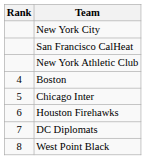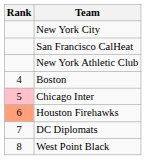 <table class="wikitable">
 <tr>
 <th>Rank</th>
 <th>Team</th>
 </tr>
 <tr>
 <td align=center></td>
 <td align="left">New York City</td>
 </tr>
 <tr>
 <td align=center></td>
 <td align="left">San Francisco CalHeat</td>
 </tr>
 <tr>
 <td align=center></td>
 <td align="left">New York Athletic Club</td>
 </tr>
 <tr>
 <td align=center>4</td>
 <td align="left">Boston</td>
 </tr>
 <tr>
-<td align=center>5</td>
+<td align=center style="background: pink;">5</td>
 <td align="left">Chicago Inter</td>
 </tr>
 <tr>
-<td align=center>6</td>
+<td align=center style="background: lightsalmon;">6</td>
 <td align="left">Houston Firehawks</td>
 </tr>
 <tr>
 <td align=center>7</td>
 <td align="left">DC Diplomats</td>
 </tr>
 <tr>
 <td align=center>8</td>
 <td align="left">West Point Black</td>
 </tr>
 </table>
